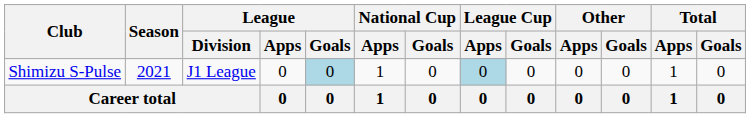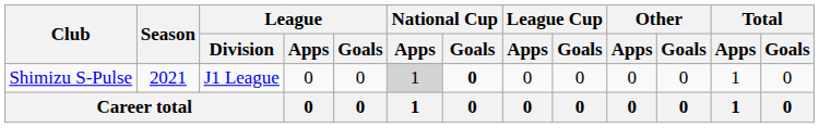 <table class="wikitable" style="text-align: center">
 <tr>
 <th rowspan="2">Club</th>
 <th rowspan="2">Season</th>
 <th colspan="3">League</th>
 <th colspan="2">National Cup</th>
 <th colspan="2">League Cup</th>
 <th colspan="2">Other</th>
 <th colspan="2">Total</th>
 </tr>
 <tr>
 <th>Division</th>
 <th>Apps</th>
 <th>Goals</th>
 <th>Apps</th>
 <th>Goals</th>
 <th>Apps</th>
 <th>Goals</th>
 <th>Apps</th>
 <th>Goals</th>
 <th>Apps</th>
 <th>Goals</th>
 </tr>
 <tr>
 <td><a href='#'>Shimizu S-Pulse</a></td>
 <td><a href='#'>2021</a></td>
 <td><a href='#'>J1 League</a></td>
 <td>0</td>
-<td style="background: lightblue;">0</td>
-<td>1</td>
 <td>0</td>
-<td style="background: lightblue;">0</td>
+<td style="background: lightgrey;">1</td>
+<td><strong>0</strong></td>
+<td>0</td>
 <td>0</td>
 <td>0</td>
 <td>0</td>
 <td>1</td>
 <td>0</td>
 </tr>
 <tr>
 <th colspan=3>Career total</th>
 <th>0</th>
 <th>0</th>
 <th>1</th>
 <th>0</th>
 <th>0</th>
 <th>0</th>
 <th>0</th>
 <th>0</th>
 <th>1</th>
 <th>0</th>
 </tr>
 </table>
